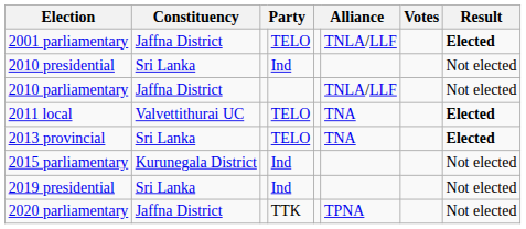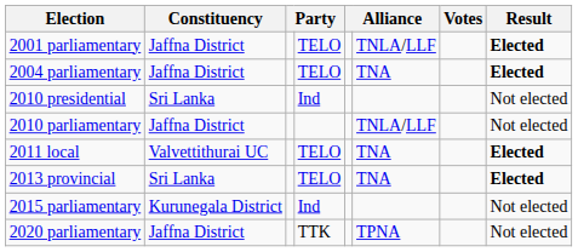 <table class="wikitable" style="text-align:left;">
 <tr>
 <th scope=col>Election</th>
 <th scope=col>Constituency</th>
 <th scope=col colspan="2">Party</th>
 <th scope=col colspan="2">Alliance</th>
 <th scope=col>Votes</th>
 <th scope=col>Result</th>
 </tr>
 <tr>
 <td><a href='#'>2001 parliamentary</a></td>
 <td><a href='#'>Jaffna District</a></td>
 <td style="background:"></td>
 <td><a href='#'>TELO</a></td>
 <td style="background:"></td>
 <td><a href='#'>TNLA</a>/<a href='#'>LLF</a></td>
+<td align=right></td>
+<td><strong>Elected</strong></td>
+</tr>
+<tr>
+<td><a href='#'>2004 parliamentary</a></td>
+<td><a href='#'>Jaffna District</a></td>
+<td style="background:"></td>
+<td><a href='#'>TELO</a></td>
+<td style="background:"></td>
+<td><a href='#'>TNA</a></td>
 <td align=right></td>
 <td><strong>Elected</strong></td>
 </tr>
 <tr>
 <td><a href='#'>2010 presidential</a></td>
 <td><a href='#'>Sri Lanka</a></td>
 <td style="background:"></td>
 <td><a href='#'>Ind</a></td>
 <td></td>
 <td></td>
 <td align=right></td>
 <td>Not elected</td>
 </tr>
 <tr>
 <td><a href='#'>2010 parliamentary</a></td>
 <td><a href='#'>Jaffna District</a></td>
 <td></td>
 <td></td>
 <td style="background:"></td>
 <td><a href='#'>TNLA</a>/<a href='#'>LLF</a></td>
 <td align=right></td>
 <td>Not elected</td>
 </tr>
 <tr>
 <td><a href='#'>2011 local</a></td>
 <td><a href='#'>Valvettithurai UC</a></td>
 <td style="background:"></td>
 <td><a href='#'>TELO</a></td>
 <td style="background:"></td>
 <td><a href='#'>TNA</a></td>
 <td align=right></td>
 <td><strong>Elected</strong></td>
 </tr>
 <tr>
 <td><a href='#'>2013 provincial</a></td>
 <td><a href='#'>Sri Lanka</a></td>
 <td style="background:"></td>
 <td><a href='#'>TELO</a></td>
 <td style="background:"></td>
 <td><a href='#'>TNA</a></td>
 <td align=right></td>
 <td><strong>Elected</strong></td>
 </tr>
 <tr>
 <td><a href='#'>2015 parliamentary</a></td>
 <td><a href='#'>Kurunegala District</a></td>
 <td style="background:"></td>
 <td><a href='#'>Ind</a></td>
 <td></td>
 <td></td>
 <td></td>
 <td>Not elected</td>
 </tr>
 <tr>
-<td><a href='#'>2019 presidential</a></td>
-<td><a href='#'>Sri Lanka</a></td>
-<td style="background:"></td>
-<td><a href='#'>Ind</a></td>
-<td></td>
-<td></td>
-<td align=right></td>
-<td>Not elected</td>
-</tr>
-<tr>
 <td><a href='#'>2020 parliamentary</a></td>
 <td><a href='#'>Jaffna District</a></td>
 <td></td>
 <td>TTK</td>
 <td style="background:"></td>
 <td><a href='#'>TPNA</a></td>
 <td></td>
 <td>Not elected</td>
 </tr>
 </table>
